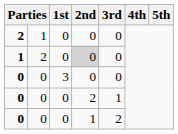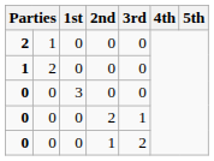 <table class="wikitable" style="text-align:right;">
 <tr>
 <th colspan=2 style="text-align:left;">Parties</th>
 <th>1st</th>
 <th>2nd</th>
 <th>3rd</th>
 <th>4th</th>
 <th>5th</th>
 </tr>
 <tr>
 <td><strong>2</strong></td>
 <td>1</td>
 <td>0</td>
 <td>0</td>
 <td>0</td>
 </tr>
 <tr>
 <td><strong>1</strong></td>
 <td>2</td>
 <td>0</td>
-<td style="background: lightgrey;">0</td>
+<td>0</td>
 <td>0</td>
 </tr>
 <tr>
 <td><strong>0</strong></td>
 <td>0</td>
 <td>3</td>
 <td>0</td>
 <td>0</td>
 </tr>
 <tr>
 <td><strong>0</strong></td>
 <td>0</td>
 <td>0</td>
 <td>2</td>
 <td>1</td>
 </tr>
 <tr>
 <td><strong>0</strong></td>
 <td>0</td>
 <td>0</td>
 <td>1</td>
 <td>2</td>
 </tr>
 </table>
